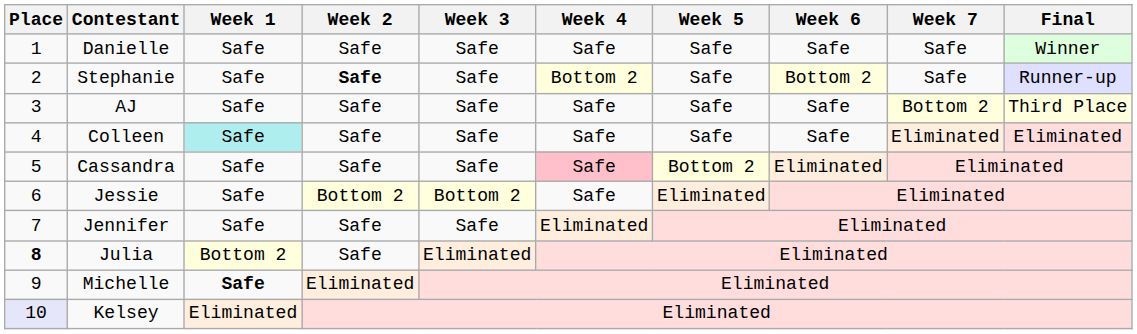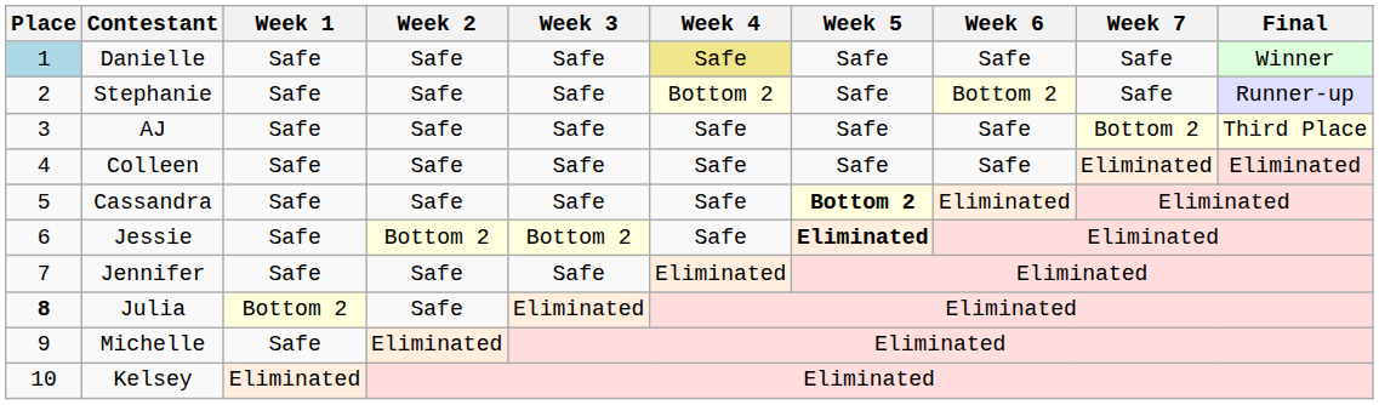 <table class="wikitable" style="text-align:center;">
 <tr>
 <th>Place</th>
 <th>Contestant</th>
 <th>Week 1</th>
 <th>Week 2</th>
 <th>Week 3</th>
 <th>Week 4</th>
 <th>Week 5</th>
 <th>Week 6</th>
 <th>Week 7</th>
 <th>Final</th>
 </tr>
 <tr>
-<td>1</td>
+<td style="background: lightblue;">1</td>
 <td>Danielle</td>
 <td>Safe</td>
 <td>Safe</td>
 <td>Safe</td>
-<td>Safe</td>
+<td style="background: khaki;">Safe</td>
 <td>Safe</td>
 <td>Safe</td>
 <td>Safe</td>
 <td style="background:#ddffdd;">Winner</td>
 </tr>
 <tr>
 <td>2</td>
 <td>Stephanie</td>
 <td>Safe</td>
-<td><strong>Safe</strong></td>
+<td>Safe</td>
 <td>Safe</td>
 <td style="background:#ffffdd;">Bottom 2</td>
 <td>Safe</td>
 <td style="background:#ffffdd;">Bottom 2</td>
 <td>Safe</td>
 <td style="background:#dfdfff;">Runner-up</td>
 </tr>
 <tr>
 <td>3</td>
 <td>AJ</td>
 <td>Safe</td>
 <td>Safe</td>
 <td>Safe</td>
 <td>Safe</td>
 <td>Safe</td>
 <td>Safe</td>
 <td style="background:#ffffdd;">Bottom 2</td>
 <td style="background:#ffffdd;">Third Place</td>
 </tr>
 <tr>
 <td>4</td>
 <td>Colleen</td>
-<td style="background: paleturquoise;">Safe</td>
+<td>Safe</td>
 <td>Safe</td>
 <td>Safe</td>
 <td>Safe</td>
 <td>Safe</td>
 <td>Safe</td>
 <td style="background:#ffeedd;">Eliminated</td>
 <td style="background:#ffdddd;">Eliminated</td>
 </tr>
 <tr>
 <td>5</td>
 <td>Cassandra</td>
 <td>Safe</td>
 <td>Safe</td>
 <td>Safe</td>
-<td style="background: pink;">Safe</td>
-<td style="background:#ffffdd;">Bottom 2</td>
+<td>Safe</td>
+<td style="background:#ffffdd;"><strong>Bottom 2</strong></td>
 <td style="background:#ffeedd;">Eliminated</td>
 <td style="background:#ffdddd;" colspan="2">Eliminated</td>
 </tr>
 <tr>
 <td>6</td>
 <td>Jessie</td>
 <td>Safe</td>
 <td style="background:#ffffdd;">Bottom 2</td>
 <td style="background:#ffffdd;">Bottom 2</td>
 <td>Safe</td>
-<td style="background:#ffeedd;">Eliminated</td>
+<td style="background:#ffeedd;"><strong>Eliminated</strong></td>
 <td style="background:#ffdddd;" colspan="3">Eliminated</td>
 </tr>
 <tr>
 <td>7</td>
 <td>Jennifer</td>
 <td>Safe</td>
 <td>Safe</td>
 <td>Safe</td>
 <td style="background:#ffeedd;">Eliminated</td>
 <td style="background:#ffdddd;" colspan="4">Eliminated</td>
 </tr>
 <tr>
 <td><strong>8</strong></td>
 <td>Julia</td>
 <td style="background:#ffffdd;">Bottom 2</td>
 <td>Safe</td>
 <td style="background:#ffeedd;">Eliminated</td>
 <td style="background:#ffdddd;" colspan="5">Eliminated</td>
 </tr>
 <tr>
 <td>9</td>
 <td>Michelle</td>
-<td><strong>Safe</strong></td>
+<td>Safe</td>
 <td style="background:#ffeedd;">Eliminated</td>
 <td style="background:#ffdddd;" colspan="6">Eliminated</td>
 </tr>
 <tr>
-<td style="background: lavender;">10</td>
+<td>10</td>
 <td>Kelsey</td>
 <td style="background:#ffeedd;">Eliminated</td>
 <td style="background:#ffdddd;" colspan="7">Eliminated</td>
 </tr>
 </table>
